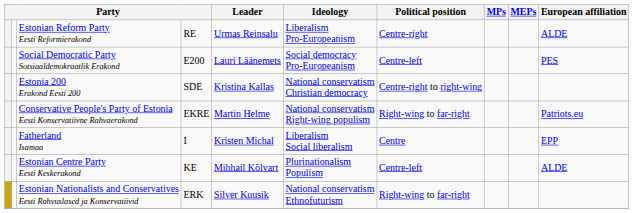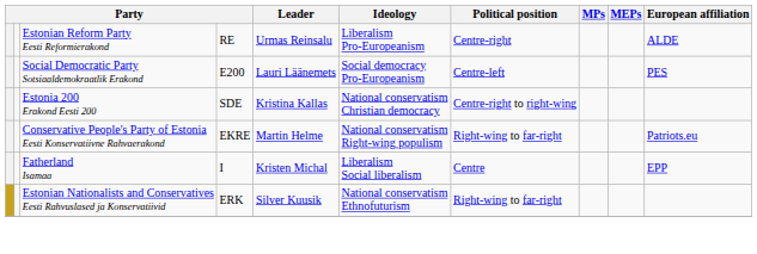 <table class="wikitable sortable">
 <tr>
 <th colspan=4>Party</th>
 <th>Leader</th>
 <th>Ideology</th>
 <th>Political position</th>
 <th><a href='#'>MPs</a></th>
 <th><a href='#'>MEPs</a></th>
 <th>European affiliation</th>
 </tr>
 <tr>
 <th width="5px" style="background-color:"></th>
 <td></td>
 <td><a href='#'>Estonian Reform Party</a><br><small><em>Eesti Reformierakond</em></small></td>
 <td>RE</td>
 <td><a href='#'>Urmas Reinsalu</a></td>
 <td><a href='#'>Liberalism</a><br><a href='#'>Pro-Europeanism</a></td>
 <td><a href='#'>Centre-right</a></td>
 <td></td>
 <td></td>
 <td><a href='#'>ALDE</a></td>
 </tr>
 <tr>
 <th style="background-color:"></th>
 <td></td>
 <td><a href='#'>Social Democratic Party</a><br><small><em>Sotsiaaldemokraatlik Erakond</em></small></td>
 <td>E200</td>
 <td><a href='#'>Lauri Läänemets</a></td>
 <td><a href='#'>Social democracy</a><br><a href='#'>Pro-Europeanism</a></td>
 <td><a href='#'>Centre-left</a></td>
 <td></td>
 <td></td>
 <td><a href='#'>PES</a></td>
 </tr>
 <tr>
 <th style="background-color:"></th>
 <td></td>
 <td><a href='#'>Estonia 200</a><br><small><em>Erakond Eesti 200</em></small></td>
 <td>SDE</td>
 <td><a href='#'>Kristina Kallas</a></td>
 <td><a href='#'>National conservatism</a><br><a href='#'>Christian democracy</a></td>
 <td><a href='#'>Centre-right</a> to <a href='#'>right-wing</a></td>
 <td></td>
 <td></td>
 <td></td>
 </tr>
 <tr>
 <th style="background-color:"></th>
 <td></td>
 <td><a href='#'>Conservative People's Party of Estonia</a><br><small><em>Eesti Konservatiivne Rahvaerakond</em></small></td>
 <td>EKRE</td>
 <td><a href='#'>Martin Helme</a></td>
 <td><a href='#'>National conservatism</a><br><a href='#'>Right-wing populism</a></td>
 <td><a href='#'>Right-wing</a> to <a href='#'>far-right</a></td>
 <td></td>
 <td></td>
 <td><a href='#'>Patriots.eu</a></td>
 </tr>
 <tr>
 <th style="background-color:"></th>
 <td></td>
 <td><a href='#'>Fatherland</a><br><small><em>Isamaa</em></small></td>
 <td>I</td>
 <td><a href='#'>Kristen Michal</a></td>
 <td><a href='#'>Liberalism</a><br><a href='#'>Social liberalism</a></td>
 <td><a href='#'>Centre</a></td>
 <td></td>
 <td></td>
 <td><a href='#'>EPP</a></td>
 </tr>
 <tr>
-<th style="background-color:"></th>
-<td></td>
-<td><a href='#'>Estonian Centre Party</a><br><small><em>Eesti Keskerakond </em></small></td>
-<td>KE</td>
-<td><a href='#'>Mihhail Kõlvart</a></td>
-<td><a href='#'>Plurinationalism</a><br><a href='#'>Populism</a></td>
-<td><a href='#'>Centre-left</a></td>
-<td></td>
-<td></td>
-<td><a href='#'>ALDE</a></td>
-</tr>
-<tr>
 <th style="background-color:#c8a218"></th>
 <td></td>
 <td><a href='#'>Estonian Nationalists and Conservatives</a><br><small><em>Eesti Rahvuslased ja Konservatiivid</em></small></td>
 <td>ERK</td>
 <td><a href='#'>Silver Kuusik</a></td>
 <td><a href='#'>National conservatism</a><br><a href='#'>Ethnofuturism</a></td>
 <td><a href='#'>Right-wing</a> to <a href='#'>far-right</a></td>
 <td></td>
 <td></td>
 <td></td>
 </tr>
 <tr>
 </tr>
 </table>
